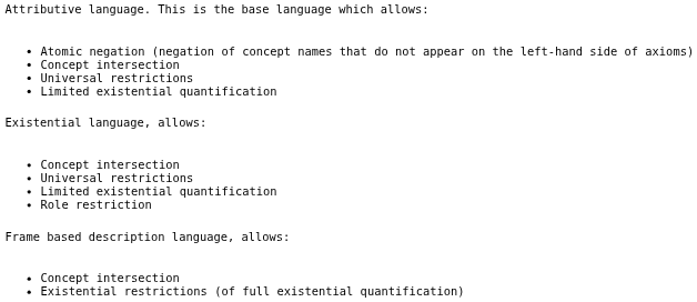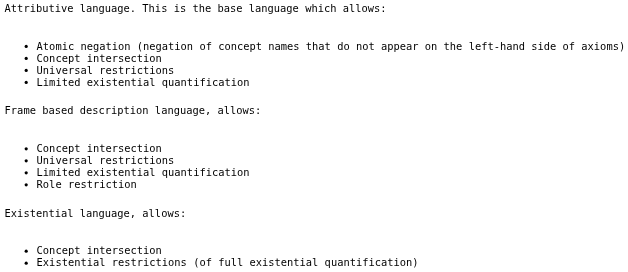 <table>
 <tr>
 <td></td>
 <td>Attributive language. This is the base language which allows:</td>
 </tr>
 <tr>
 <td></td>
 <td><br><ul><li>Atomic negation (negation of concept names that do not appear on the left-hand side of axioms)</li><li>Concept intersection</li><li>Universal restrictions</li><li>Limited existential quantification</li></ul></td>
 </tr>
 <tr>
 <td></td>
 <td></td>
 </tr>
 <tr>
 <td></td>
-<td>Existential language, allows:</td>
+<td>Frame based description language, allows:</td>
 </tr>
 <tr>
 <td></td>
 <td><br><ul><li>Concept intersection</li><li>Universal restrictions</li><li>Limited existential quantification</li><li>Role restriction</li></ul></td>
 </tr>
 <tr>
 <td></td>
 <td></td>
 </tr>
 <tr>
 <td></td>
-<td>Frame based description language, allows:</td>
+<td>Existential language, allows:</td>
 </tr>
 <tr>
 <td></td>
 <td><br><ul><li>Concept intersection</li><li>Existential restrictions (of full existential quantification)</li></ul></td>
 </tr>
 </table>
